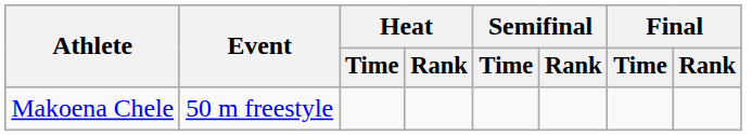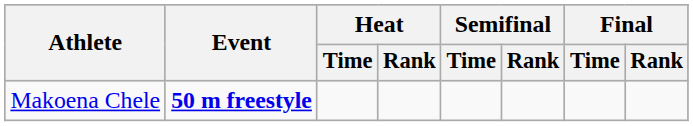 <table class="wikitable" style="text-align:center; font-size:90%">
 <tr>
 <th rowspan="2">Athlete</th>
 <th rowspan="2">Event</th>
 <th colspan="2">Heat</th>
 <th colspan="2">Semifinal</th>
 <th colspan="2">Final</th>
 </tr>
 <tr style="font-size:95%">
 <th>Time</th>
 <th>Rank</th>
 <th>Time</th>
 <th>Rank</th>
 <th>Time</th>
 <th>Rank</th>
 </tr>
 <tr>
 <td align=left><a href='#'>Makoena Chele</a></td>
-<td align=left><a href='#'>50 m freestyle</a></td>
+<td align=left><strong><a href='#'>50 m freestyle</a></strong></td>
 <td></td>
 <td></td>
 <td></td>
 <td></td>
 <td></td>
 <td></td>
 </tr>
 </table>
